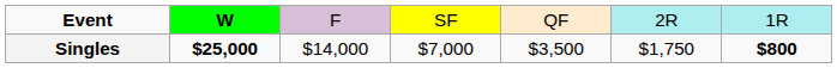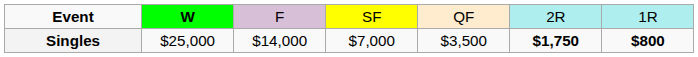 <table class=wikitable style=font-size:95%;text-align:center>
 <tr>
 <td style="width:130px"><strong>Event</strong></td>
 <td style="width:85px; background:lime"><strong>W</strong></td>
 <td style="width:85px; background:thistle">F</td>
 <td style="width:85px; background:#ffff00">SF</td>
 <td style="width:85px; background:#ffebcd">QF</td>
 <td style="width:85px; background:#afeeee">2R</td>
 <td style="width:85px; background:#afeeee">1R</td>
 </tr>
 <tr>
 <th style=background:#f3f3f3>Singles </th>
-<td><strong>$25,000</strong></td>
+<td>$25,000</td>
 <td>$14,000</td>
 <td>$7,000</td>
 <td>$3,500</td>
-<td>$1,750</td>
+<td><strong>$1,750</strong></td>
 <td><strong>$800</strong></td>
 </tr>
 </table>
